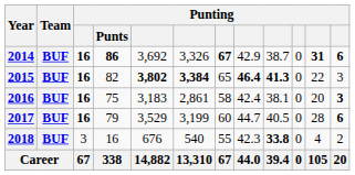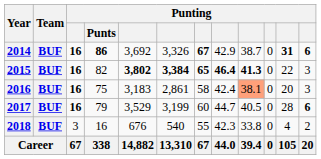 <table class=wikitable style="text-align:center;">
 <tr>
 <th rowspan="2">Year</th>
 <th rowspan="2">Team</th>
 <th colspan="10">Punting</th>
 </tr>
 <tr>
 <th></th>
 <th>Punts</th>
 <th></th>
 <th></th>
 <th></th>
 <th></th>
 <th></th>
 <th></th>
 <th></th>
 <th></th>
 </tr>
 <tr>
 <th><a href='#'>2014</a></th>
 <th><a href='#'>BUF</a></th>
 <td><strong>16</strong></td>
 <td><strong>86</strong></td>
 <td>3,692</td>
 <td>3,326</td>
 <td><strong>67</strong></td>
 <td>42.9</td>
 <td>38.7</td>
 <td>0</td>
 <td><strong>31</strong></td>
 <td><strong>6</strong></td>
 </tr>
 <tr>
 <th><a href='#'>2015</a></th>
 <th><a href='#'>BUF</a></th>
 <td><strong>16</strong></td>
 <td>82</td>
 <td><strong>3,802</strong></td>
 <td><strong>3,384</strong></td>
-<td>65</td>
+<td><strong>65</strong></td>
 <td><strong>46.4</strong></td>
 <td><strong>41.3</strong></td>
 <td>0</td>
 <td>22</td>
 <td>3</td>
 </tr>
 <tr>
 <th><a href='#'>2016</a></th>
 <th><a href='#'>BUF</a></th>
 <td><strong>16</strong></td>
 <td>75</td>
 <td>3,183</td>
 <td>2,861</td>
 <td>58</td>
 <td>42.4</td>
-<td>38.1</td>
+<td style="background: lightsalmon;">38.1</td>
 <td>0</td>
 <td>20</td>
-<td><strong>3</strong></td>
+<td>3</td>
 </tr>
 <tr>
 <th><a href='#'>2017</a></th>
 <th><a href='#'>BUF</a></th>
 <td><strong>16</strong></td>
 <td>79</td>
 <td>3,529</td>
 <td>3,199</td>
 <td>60</td>
 <td>44.7</td>
 <td>40.5</td>
 <td>0</td>
 <td>28</td>
 <td><strong>6</strong></td>
 </tr>
 <tr>
 <th><a href='#'>2018</a></th>
 <th><a href='#'>BUF</a></th>
 <td>3</td>
 <td>16</td>
 <td>676</td>
 <td>540</td>
 <td>55</td>
 <td>42.3</td>
-<td><strong>33.8</strong></td>
+<td>33.8</td>
 <td>0</td>
 <td>4</td>
 <td>2</td>
 </tr>
 <tr>
 <th colspan="2">Career</th>
 <th>67</th>
 <th>338</th>
 <th>14,882</th>
 <th>13,310</th>
 <th>67</th>
 <th>44.0</th>
 <th>39.4</th>
 <th>0</th>
 <th>105</th>
 <th>20</th>
 </tr>
 </table>
